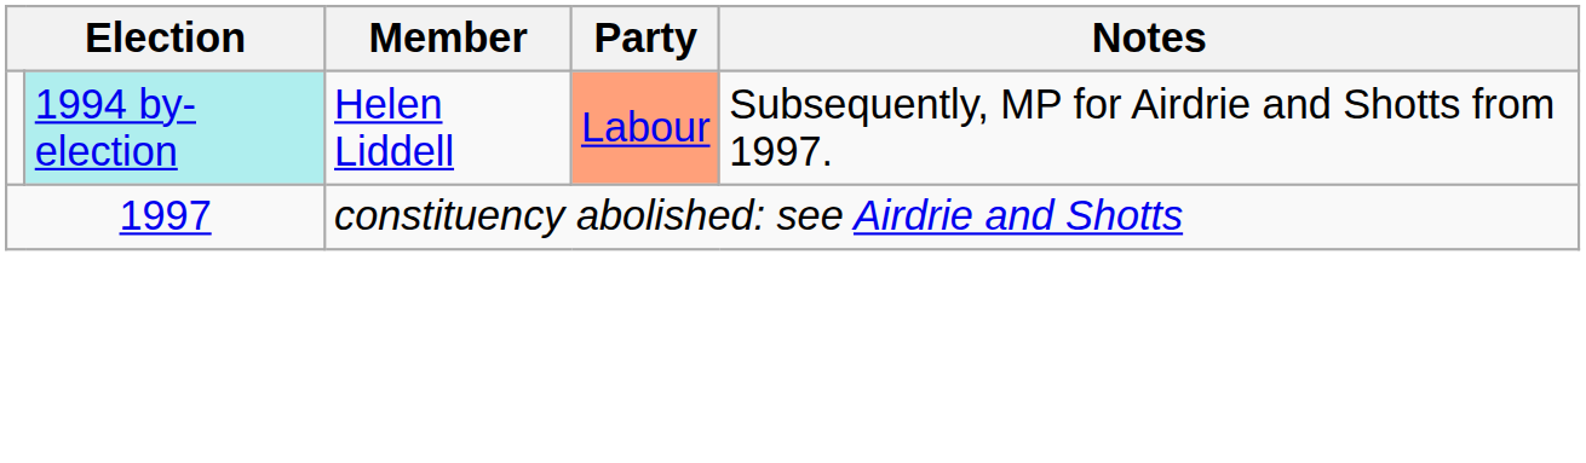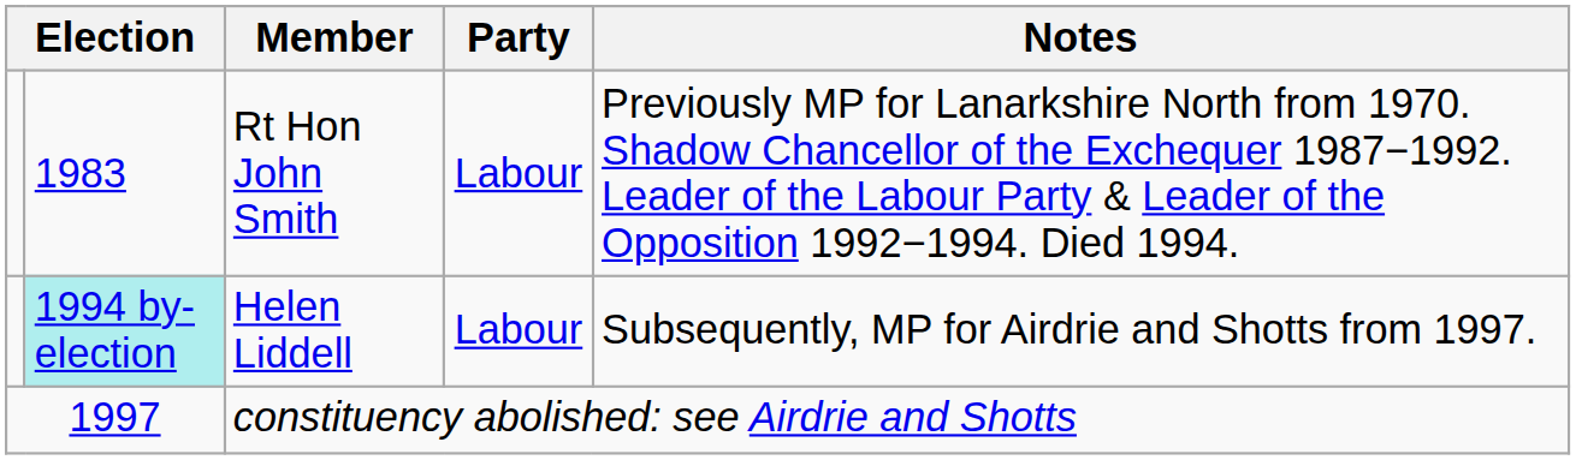 <table class="wikitable">
 <tr>
 <th colspan="2">Election</th>
 <th>Member</th>
 <th>Party</th>
 <th>Notes</th>
 </tr>
 <tr>
 <td style="color:inherit;background-color: "></td>
+<td><a href='#'>1983</a></td>
+<td>Rt Hon <a href='#'>John Smith</a></td>
+<td><a href='#'>Labour</a></td>
+<td>Previously MP for Lanarkshire North from 1970.  <a href='#'>Shadow Chancellor of the Exchequer</a> 1987−1992.  <a href='#'>Leader of the Labour Party</a> & <a href='#'>Leader of the Opposition</a> 1992−1994.  Died 1994.</td>
+</tr>
+<tr>
+<td style="color:inherit;background-color: "></td>
 <td style="background: paleturquoise;"><a href='#'>1994 by-election</a></td>
 <td><a href='#'>Helen Liddell</a></td>
-<td style="background: lightsalmon;"><a href='#'>Labour</a></td>
+<td><a href='#'>Labour</a></td>
 <td>Subsequently, MP for Airdrie and Shotts from 1997.</td>
 </tr>
 <tr>
 <td colspan="2" align="center"><a href='#'>1997</a></td>
 <td colspan="3"><em>constituency abolished: see <a href='#'>Airdrie and Shotts</a></em></td>
 </tr>
 </table>
